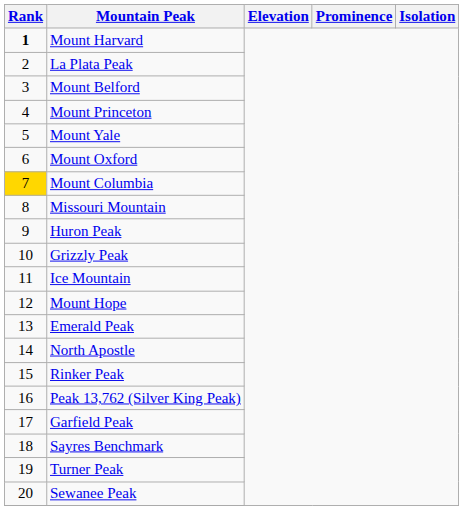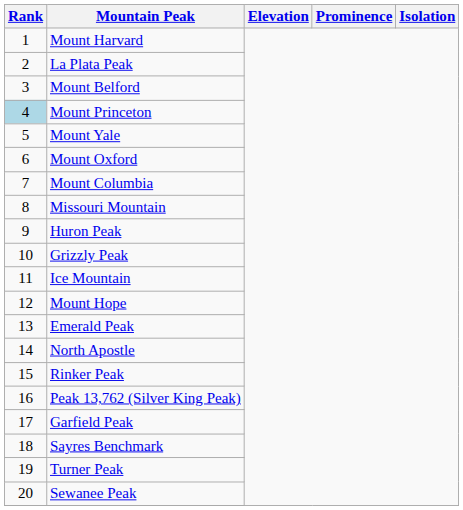 <table class="wikitable sortable">
 <tr>
 <th><a href='#'>Rank</a></th>
 <th><a href='#'>Mountain Peak</a></th>
 <th><a href='#'>Elevation</a></th>
 <th><a href='#'>Prominence</a></th>
 <th><a href='#'>Isolation</a></th>
 </tr>
 <tr>
-<td align=center><strong>1</strong></td>
+<td align=center>1</td>
 <td><a href='#'>Mount Harvard</a> <br></td>
 </tr>
 <tr>
 <td align=center>2</td>
 <td><a href='#'>La Plata Peak</a><br></td>
 </tr>
 <tr>
 <td align=center>3</td>
 <td><a href='#'>Mount Belford</a> <br></td>
 </tr>
 <tr>
-<td align=center>4</td>
+<td align=center style="background: lightblue;">4</td>
 <td><a href='#'>Mount Princeton</a> <br></td>
 </tr>
 <tr>
 <td align=center>5</td>
 <td><a href='#'>Mount Yale</a> <br></td>
 </tr>
 <tr>
 <td align=center>6</td>
 <td><a href='#'>Mount Oxford</a> <br></td>
 </tr>
 <tr>
-<td align=center style="background: gold;">7</td>
+<td align=center>7</td>
 <td><a href='#'>Mount Columbia</a> <br></td>
 </tr>
 <tr>
 <td align=center>8</td>
 <td><a href='#'>Missouri Mountain</a> <br></td>
 </tr>
 <tr>
 <td align=center>9</td>
 <td><a href='#'>Huron Peak</a> <br></td>
 </tr>
 <tr>
 <td align=center>10</td>
 <td><a href='#'>Grizzly Peak</a> <br></td>
 </tr>
 <tr>
 <td align=center>11</td>
 <td><a href='#'>Ice Mountain</a> <br></td>
 </tr>
 <tr>
 <td align=center>12</td>
 <td><a href='#'>Mount Hope</a> <br></td>
 </tr>
 <tr>
 <td align=center>13</td>
 <td><a href='#'>Emerald Peak</a> <br></td>
 </tr>
 <tr>
 <td align=center>14</td>
 <td><a href='#'>North Apostle</a> <br></td>
 </tr>
 <tr>
 <td align=center>15</td>
 <td><a href='#'>Rinker Peak</a> <br></td>
 </tr>
 <tr>
 <td align=center>16</td>
 <td><a href='#'>Peak 13,762 (Silver King Peak)</a> <br></td>
 </tr>
 <tr>
 <td align=center>17</td>
 <td><a href='#'>Garfield Peak</a> <br></td>
 </tr>
 <tr>
 <td align=center>18</td>
 <td><a href='#'>Sayres Benchmark</a>  <br></td>
 </tr>
 <tr>
 <td align=center>19</td>
 <td><a href='#'>Turner Peak</a><br> </td>
 </tr>
 <tr>
 <td align=center>20</td>
 <td><a href='#'>Sewanee Peak</a><br></td>
 </tr>
 <tr>
 </tr>
 </table>
